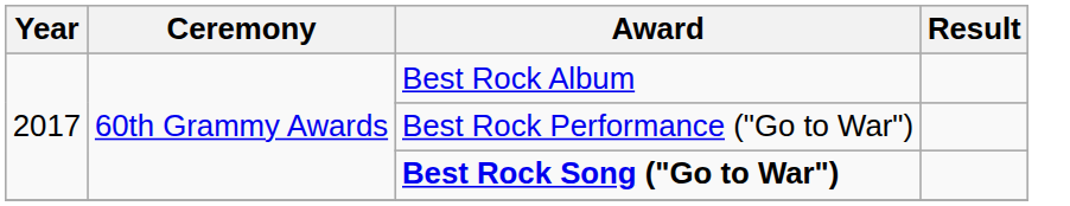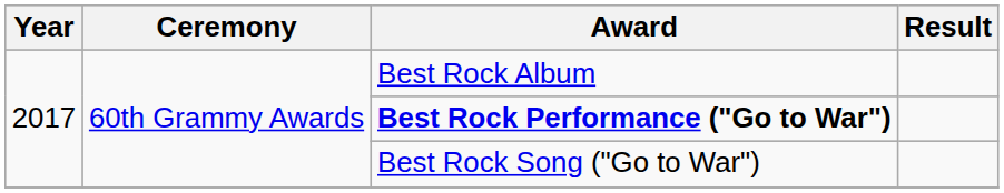 <table class="wikitable">
 <tr>
 <th>Year</th>
 <th>Ceremony</th>
 <th>Award</th>
 <th>Result</th>
 </tr>
 <tr>
 <td rowspan="3">2017</td>
 <td rowspan="3"><a href='#'>60th Grammy Awards</a></td>
 <td><a href='#'>Best Rock Album</a></td>
 <td></td>
 </tr>
 <tr>
-<td><a href='#'>Best Rock Performance</a> ("Go to War")</td>
+<td><strong><a href='#'>Best Rock Performance</a> ("Go to War")</strong></td>
 <td></td>
 </tr>
 <tr>
-<td><strong><a href='#'>Best Rock Song</a> ("Go to War")</strong></td>
+<td><a href='#'>Best Rock Song</a> ("Go to War")</td>
 <td></td>
 </tr>
 <tr>
 </tr>
 </table>
